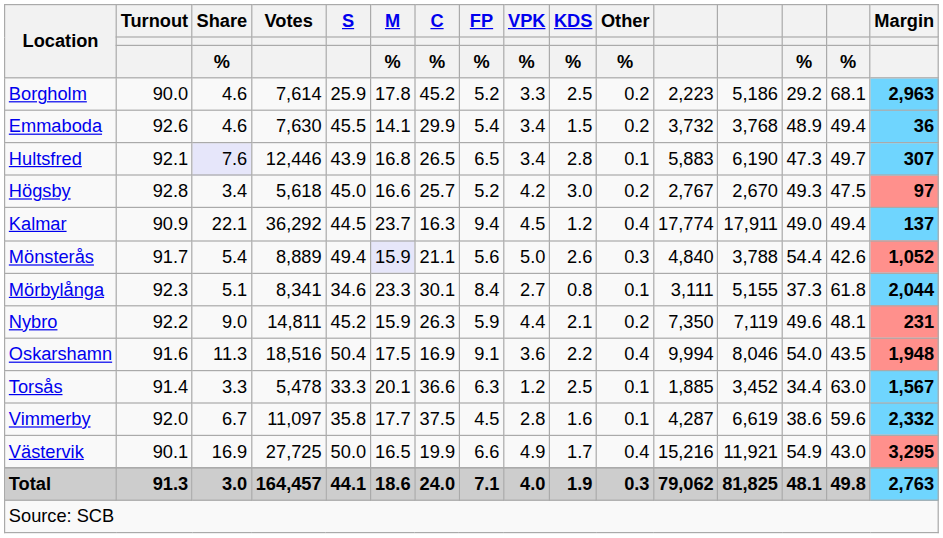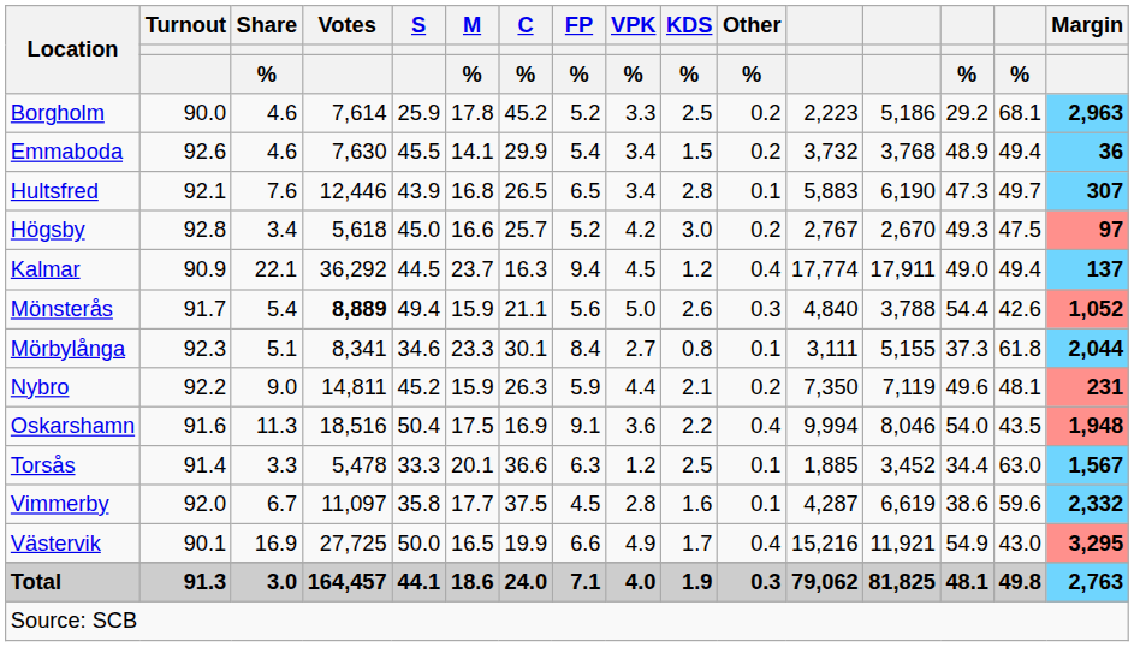 <table class="wikitable sortable" style="text-align:right; font-size:95%; line-height:20px;">
 <tr>
 <th rowspan="3">Location</th>
 <th>Turnout</th>
 <th>Share</th>
 <th>Votes</th>
 <th width="30px" class="unsortable"><a href='#'>S</a></th>
 <th width="30px" class="unsortable"><a href='#'>M</a></th>
 <th width="30px" class="unsortable"><a href='#'>C</a></th>
 <th width="30px" class="unsortable"><a href='#'>FP</a></th>
 <th width="30px" class="unsortable"><a href='#'>VPK</a></th>
 <th width="30px" class="unsortable"><a href='#'>KDS</a></th>
 <th width="30px" class="unsortable">Other</th>
 <th></th>
 <th></th>
 <th></th>
 <th></th>
 <th>Margin</th>
 </tr>
 <tr>
 <th></th>
 <th></th>
 <th></th>
 <th style="background:"></th>
 <th style="background:"></th>
 <th style="background:"></th>
 <th style="background:"></th>
 <th style="background:"></th>
 <th style="background:"></th>
 <th style="background:"></th>
 <th style="background:"></th>
 <th style="background:"></th>
 <th style="background:"></th>
 <th style="background:"></th>
 <th></th>
 </tr>
 <tr>
 <th></th>
 <th data-sort-type="number">%</th>
 <th data-sort-type="number"></th>
 <th></th>
 <th data-sort-type="number">%</th>
 <th data-sort-type="number">%</th>
 <th data-sort-type="number">%</th>
 <th data-sort-type="number">%</th>
 <th data-sort-type="number">%</th>
 <th data-sort-type="number">%</th>
 <th data-sort-type="number"></th>
 <th data-sort-type="number"></th>
 <th data-sort-type="number">%</th>
 <th data-sort-type="number">%</th>
 <th data-sort-type="number"></th>
 </tr>
 <tr>
 <td align=left><a href='#'>Borgholm</a></td>
 <td>90.0</td>
 <td>4.6</td>
 <td>7,614</td>
 <td>25.9</td>
 <td>17.8</td>
 <td>45.2</td>
 <td>5.2</td>
 <td>3.3</td>
 <td>2.5</td>
 <td>0.2</td>
 <td>2,223</td>
 <td>5,186</td>
 <td>29.2</td>
 <td>68.1</td>
 <td bgcolor=#6fd5fe><strong>2,963</strong></td>
 </tr>
 <tr>
 <td align=left><a href='#'>Emmaboda</a></td>
 <td>92.6</td>
 <td>4.6</td>
 <td>7,630</td>
 <td>45.5</td>
 <td>14.1</td>
 <td>29.9</td>
 <td>5.4</td>
 <td>3.4</td>
 <td>1.5</td>
 <td>0.2</td>
 <td>3,732</td>
 <td>3,768</td>
 <td>48.9</td>
 <td>49.4</td>
 <td bgcolor=#6fd5fe><strong>36</strong></td>
 </tr>
 <tr>
 <td align=left><a href='#'>Hultsfred</a></td>
 <td>92.1</td>
-<td style="background: lavender;">7.6</td>
+<td>7.6</td>
 <td>12,446</td>
 <td>43.9</td>
 <td>16.8</td>
 <td>26.5</td>
 <td>6.5</td>
 <td>3.4</td>
 <td>2.8</td>
 <td>0.1</td>
 <td>5,883</td>
 <td>6,190</td>
 <td>47.3</td>
 <td>49.7</td>
 <td bgcolor=#6fd5fe><strong>307</strong></td>
 </tr>
 <tr>
 <td align=left><a href='#'>Högsby</a></td>
 <td>92.8</td>
 <td>3.4</td>
 <td>5,618</td>
 <td>45.0</td>
 <td>16.6</td>
 <td>25.7</td>
 <td>5.2</td>
 <td>4.2</td>
 <td>3.0</td>
 <td>0.2</td>
 <td>2,767</td>
 <td>2,670</td>
 <td>49.3</td>
 <td>47.5</td>
 <td bgcolor=#ff908c><strong>97</strong></td>
 </tr>
 <tr>
 <td align=left><a href='#'>Kalmar</a></td>
 <td>90.9</td>
 <td>22.1</td>
 <td>36,292</td>
 <td>44.5</td>
 <td>23.7</td>
 <td>16.3</td>
 <td>9.4</td>
 <td>4.5</td>
 <td>1.2</td>
 <td>0.4</td>
 <td>17,774</td>
 <td>17,911</td>
 <td>49.0</td>
 <td>49.4</td>
 <td bgcolor=#6fd5fe><strong>137</strong></td>
 </tr>
 <tr>
 <td align=left><a href='#'>Mönsterås</a></td>
 <td>91.7</td>
 <td>5.4</td>
-<td>8,889</td>
+<td><strong>8,889</strong></td>
 <td>49.4</td>
-<td style="background: lavender;">15.9</td>
+<td>15.9</td>
 <td>21.1</td>
 <td>5.6</td>
 <td>5.0</td>
 <td>2.6</td>
 <td>0.3</td>
 <td>4,840</td>
 <td>3,788</td>
 <td>54.4</td>
 <td>42.6</td>
 <td bgcolor=#ff908c><strong>1,052</strong></td>
 </tr>
 <tr>
 <td align=left><a href='#'>Mörbylånga</a></td>
 <td>92.3</td>
 <td>5.1</td>
 <td>8,341</td>
 <td>34.6</td>
 <td>23.3</td>
 <td>30.1</td>
 <td>8.4</td>
 <td>2.7</td>
 <td>0.8</td>
 <td>0.1</td>
 <td>3,111</td>
 <td>5,155</td>
 <td>37.3</td>
 <td>61.8</td>
 <td bgcolor=#6fd5fe><strong>2,044</strong></td>
 </tr>
 <tr>
 <td align=left><a href='#'>Nybro</a></td>
 <td>92.2</td>
 <td>9.0</td>
 <td>14,811</td>
 <td>45.2</td>
 <td>15.9</td>
 <td>26.3</td>
 <td>5.9</td>
 <td>4.4</td>
 <td>2.1</td>
 <td>0.2</td>
 <td>7,350</td>
 <td>7,119</td>
 <td>49.6</td>
 <td>48.1</td>
 <td bgcolor=#ff908c><strong>231</strong></td>
 </tr>
 <tr>
 <td align=left><a href='#'>Oskarshamn</a></td>
 <td>91.6</td>
 <td>11.3</td>
 <td>18,516</td>
 <td>50.4</td>
 <td>17.5</td>
 <td>16.9</td>
 <td>9.1</td>
 <td>3.6</td>
 <td>2.2</td>
 <td>0.4</td>
 <td>9,994</td>
 <td>8,046</td>
 <td>54.0</td>
 <td>43.5</td>
 <td bgcolor=#ff908c><strong>1,948</strong></td>
 </tr>
 <tr>
 <td align=left><a href='#'>Torsås</a></td>
 <td>91.4</td>
 <td>3.3</td>
 <td>5,478</td>
 <td>33.3</td>
 <td>20.1</td>
 <td>36.6</td>
 <td>6.3</td>
 <td>1.2</td>
 <td>2.5</td>
 <td>0.1</td>
 <td>1,885</td>
 <td>3,452</td>
 <td>34.4</td>
 <td>63.0</td>
 <td bgcolor=#6fd5fe><strong>1,567</strong></td>
 </tr>
 <tr>
 <td align=left><a href='#'>Vimmerby</a></td>
 <td>92.0</td>
 <td>6.7</td>
 <td>11,097</td>
 <td>35.8</td>
 <td>17.7</td>
 <td>37.5</td>
 <td>4.5</td>
 <td>2.8</td>
 <td>1.6</td>
 <td>0.1</td>
 <td>4,287</td>
 <td>6,619</td>
 <td>38.6</td>
 <td>59.6</td>
 <td bgcolor=#6fd5fe><strong>2,332</strong></td>
 </tr>
 <tr>
 <td align=left><a href='#'>Västervik</a></td>
 <td>90.1</td>
 <td>16.9</td>
 <td>27,725</td>
 <td>50.0</td>
 <td>16.5</td>
 <td>19.9</td>
 <td>6.6</td>
 <td>4.9</td>
 <td>1.7</td>
 <td>0.4</td>
 <td>15,216</td>
 <td>11,921</td>
 <td>54.9</td>
 <td>43.0</td>
 <td bgcolor=#ff908c><strong>3,295</strong></td>
 </tr>
 <tr>
 </tr>
 <tr style="background:#CDCDCD;">
 <td align=left><strong>Total</strong></td>
 <td><strong>91.3</strong></td>
 <td><strong>3.0</strong></td>
 <td><strong>164,457</strong></td>
 <td><strong>44.1</strong></td>
 <td><strong>18.6</strong></td>
 <td><strong>24.0</strong></td>
 <td><strong>7.1</strong></td>
 <td><strong>4.0</strong></td>
 <td><strong>1.9</strong></td>
 <td><strong>0.3</strong></td>
 <td><strong>79,062</strong></td>
 <td><strong>81,825</strong></td>
 <td><strong>48.1</strong></td>
 <td><strong>49.8</strong></td>
 <td bgcolor=#6fd5fe><strong>2,763</strong></td>
 </tr>
 <tr>
 <td align=left colspan=16>Source: SCB </td>
 </tr>
 </table>
